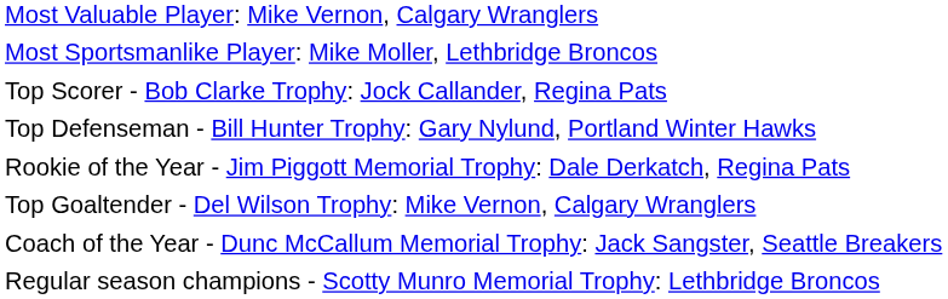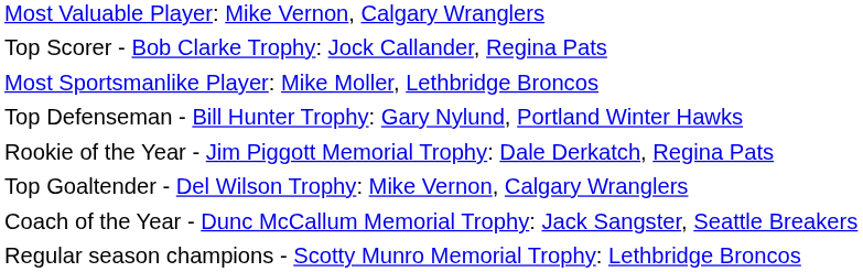 <table cellpadding="3" cellspacing="1">
 <tr>
 <td><a href='#'>Most Valuable Player</a>: <a href='#'>Mike Vernon</a>, <a href='#'>Calgary Wranglers</a></td>
 </tr>
 <tr>
-<td><a href='#'>Most Sportsmanlike Player</a>: <a href='#'>Mike Moller</a>, <a href='#'>Lethbridge Broncos</a></td>
+<td>Top Scorer - <a href='#'>Bob Clarke Trophy</a>: <a href='#'>Jock Callander</a>, <a href='#'>Regina Pats</a></td>
 </tr>
 <tr>
-<td>Top Scorer - <a href='#'>Bob Clarke Trophy</a>: <a href='#'>Jock Callander</a>, <a href='#'>Regina Pats</a></td>
+<td><a href='#'>Most Sportsmanlike Player</a>: <a href='#'>Mike Moller</a>, <a href='#'>Lethbridge Broncos</a></td>
 </tr>
 <tr>
 <td>Top Defenseman - <a href='#'>Bill Hunter Trophy</a>: <a href='#'>Gary Nylund</a>, <a href='#'>Portland Winter Hawks</a></td>
 </tr>
 <tr>
 <td>Rookie of the Year - <a href='#'>Jim Piggott Memorial Trophy</a>: <a href='#'>Dale Derkatch</a>, <a href='#'>Regina Pats</a></td>
 </tr>
 <tr>
 <td>Top Goaltender - <a href='#'>Del Wilson Trophy</a>: <a href='#'>Mike Vernon</a>, <a href='#'>Calgary Wranglers</a></td>
 </tr>
 <tr>
 <td>Coach of the Year - <a href='#'>Dunc McCallum Memorial Trophy</a>: <a href='#'>Jack Sangster</a>, <a href='#'>Seattle Breakers</a></td>
 </tr>
 <tr>
 <td>Regular season champions - <a href='#'>Scotty Munro Memorial Trophy</a>: <a href='#'>Lethbridge Broncos</a></td>
 </tr>
 </table>
